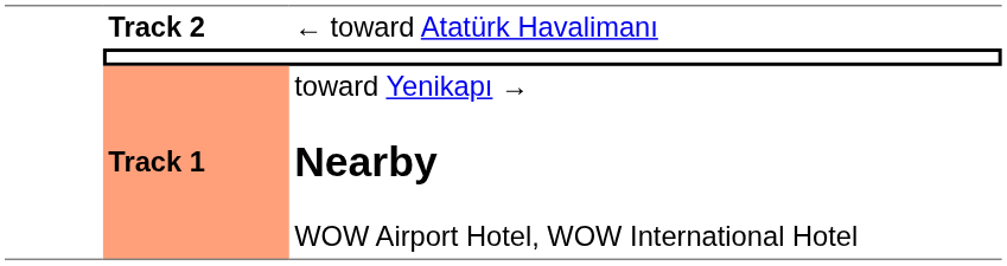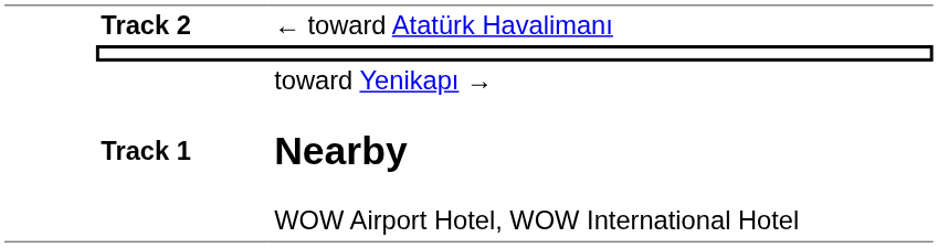 <table class="sortable mw-collapsible" border="0" cellspacing="0" cellpadding="3" table>
 <tr>
 <td style="border-top:solid 1px gray;border-bottom:solid 1px gray;" width=50 rowspan=3 valign=top></td>
 <td style="border-top:solid 1px gray;" width=100><strong>Track 2</strong></td>
 <td style="border-top:solid 1px gray;" width=400>←  toward <a href='#'>Atatürk Havalimanı</a></td>
 </tr>
 <tr>
 <td style="border-top:solid 2px black;border-right:solid 2px black;border-left:solid 2px black;border-bottom:solid 2px black;text-align:center;" colspan=2></td>
 </tr>
 <tr>
-<td style="background: lightsalmon; border-bottom:solid 1px gray;"><strong>Track 1</strong></td>
+<td style="border-bottom:solid 1px gray;"><strong>Track 1</strong></td>
 <td style="border-bottom:solid 1px gray;"> toward <a href='#'>Yenikapı</a> →<br><h2>Nearby</h2>WOW Airport Hotel, WOW International Hotel</td>
 </tr>
 </table>
